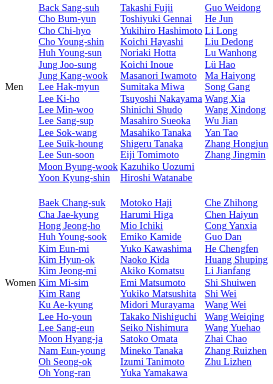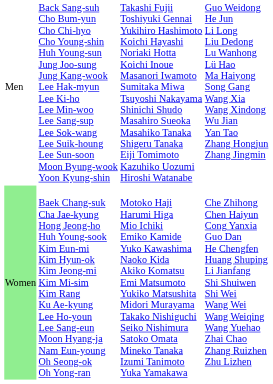 <table>
 <tr>
 <td>Men<br></td>
 <td><br><a href='#'>Back Sang-suh</a><br><a href='#'>Cho Bum-yun</a><br><a href='#'>Cho Chi-hyo</a><br><a href='#'>Cho Young-shin</a><br><a href='#'>Huh Young-sun</a><br><a href='#'>Jung Joo-sung</a><br><a href='#'>Jung Kang-wook</a><br><a href='#'>Lee Hak-myun</a><br><a href='#'>Lee Ki-ho</a><br><a href='#'>Lee Min-woo</a><br><a href='#'>Lee Sang-sup</a><br><a href='#'>Lee Sok-wang</a><br><a href='#'>Lee Suik-houng</a><br><a href='#'>Lee Sun-soon</a><br><a href='#'>Moon Byung-wook</a><br><a href='#'>Yoon Kyung-shin</a></td>
 <td><br><a href='#'>Takashi Fujii</a><br><a href='#'>Toshiyuki Gennai</a><br><a href='#'>Yukihiro Hashimoto</a><br><a href='#'>Koichi Hayashi</a><br><a href='#'>Noriaki Hotta</a><br><a href='#'>Koichi Inoue</a><br><a href='#'>Masanori Iwamoto</a><br><a href='#'>Sumitaka Miwa</a><br><a href='#'>Tsuyoshi Nakayama</a><br><a href='#'>Shinichi Shudo</a><br><a href='#'>Masahiro Sueoka</a><br><a href='#'>Masahiko Tanaka</a><br><a href='#'>Shigeru Tanaka</a><br><a href='#'>Eiji Tomimoto</a><br><a href='#'>Kazuhiko Uozumi</a><br><a href='#'>Hiroshi Watanabe</a></td>
 <td valign=top><br><a href='#'>Guo Weidong</a><br><a href='#'>He Jun</a><br><a href='#'>Li Long</a><br><a href='#'>Liu Dedong</a><br><a href='#'>Lu Wanhong</a><br><a href='#'>Lü Hao</a><br><a href='#'>Ma Haiyong</a><br><a href='#'>Song Gang</a><br><a href='#'>Wang Xia</a><br><a href='#'>Wang Xindong</a><br><a href='#'>Wu Jian</a><br><a href='#'>Yan Tao</a><br><a href='#'>Zhang Hongjun</a><br><a href='#'>Zhang Jingmin</a></td>
 </tr>
 <tr>
-<td>Women<br></td>
+<td style="background: lightgreen;">Women<br></td>
 <td><br><a href='#'>Baek Chang-suk</a><br><a href='#'>Cha Jae-kyung</a><br><a href='#'>Hong Jeong-ho</a><br><a href='#'>Huh Young-sook</a><br><a href='#'>Kim Eun-mi</a><br><a href='#'>Kim Hyun-ok</a><br><a href='#'>Kim Jeong-mi</a><br><a href='#'>Kim Mi-sim</a><br><a href='#'>Kim Rang</a><br><a href='#'>Ku Ae-kyung</a><br><a href='#'>Lee Ho-youn</a><br><a href='#'>Lee Sang-eun</a><br><a href='#'>Moon Hyang-ja</a><br><a href='#'>Nam Eun-young</a><br><a href='#'>Oh Seong-ok</a><br><a href='#'>Oh Yong-ran</a></td>
 <td><br><a href='#'>Motoko Haji</a><br><a href='#'>Harumi Higa</a><br><a href='#'>Mio Ichiki</a><br><a href='#'>Emiko Kamide</a><br><a href='#'>Yuko Kawashima</a><br><a href='#'>Naoko Kida</a><br><a href='#'>Akiko Komatsu</a><br><a href='#'>Emi Matsumoto</a><br><a href='#'>Yukiko Matsushita</a><br><a href='#'>Midori Murayama</a><br><a href='#'>Takako Nishiguchi</a><br><a href='#'>Seiko Nishimura</a><br><a href='#'>Satoko Omata</a><br><a href='#'>Mineko Tanaka</a><br><a href='#'>Izumi Tanimoto</a><br><a href='#'>Yuka Yamakawa</a></td>
 <td valign=top><br><a href='#'>Che Zhihong</a><br><a href='#'>Chen Haiyun</a><br><a href='#'>Cong Yanxia</a><br><a href='#'>Guo Dan</a><br><a href='#'>He Chengfen</a><br><a href='#'>Huang Shuping</a><br><a href='#'>Li Jianfang</a><br><a href='#'>Shi Shuiwen</a><br><a href='#'>Shi Wei</a><br><a href='#'>Wang Wei</a><br><a href='#'>Wang Weiqing</a><br><a href='#'>Wang Yuehao</a><br><a href='#'>Zhai Chao</a><br><a href='#'>Zhang Ruizhen</a><br><a href='#'>Zhu Lizhen</a></td>
 </tr>
 </table>
